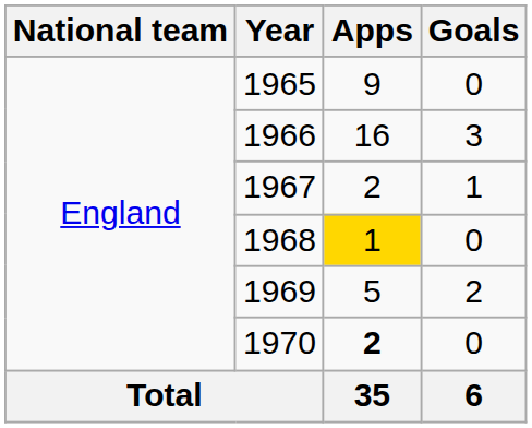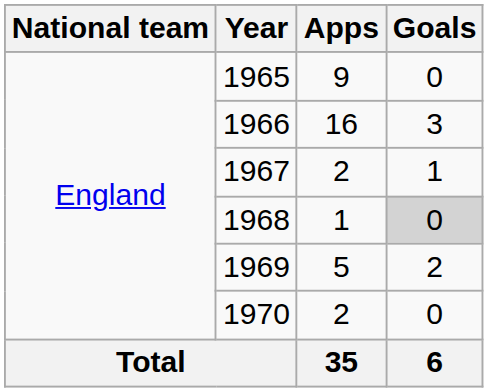 <table class="wikitable" style="text-align:center">
 <tr>
 <th>National team</th>
 <th>Year</th>
 <th>Apps</th>
 <th>Goals</th>
 </tr>
 <tr>
 <td rowspan="6"><a href='#'>England</a></td>
 <td>1965</td>
 <td>9</td>
 <td>0</td>
 </tr>
 <tr>
 <td>1966</td>
 <td>16</td>
 <td>3</td>
 </tr>
 <tr>
 <td>1967</td>
 <td>2</td>
 <td>1</td>
 </tr>
 <tr>
 <td>1968</td>
-<td style="background: gold;">1</td>
-<td>0</td>
+<td>1</td>
+<td style="background: lightgrey;">0</td>
 </tr>
 <tr>
 <td>1969</td>
 <td>5</td>
 <td>2</td>
 </tr>
 <tr>
 <td>1970</td>
-<td><strong>2</strong></td>
+<td>2</td>
 <td>0</td>
 </tr>
 <tr>
 <th colspan="2">Total</th>
 <th>35</th>
 <th>6</th>
 </tr>
 </table>
